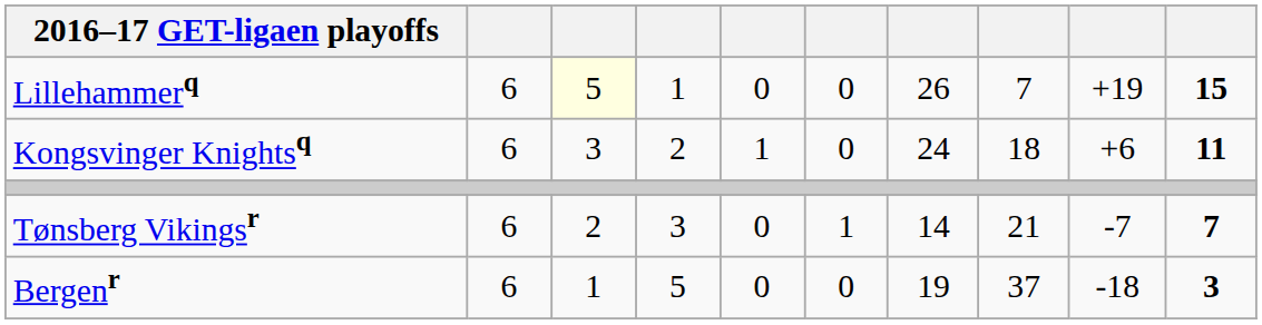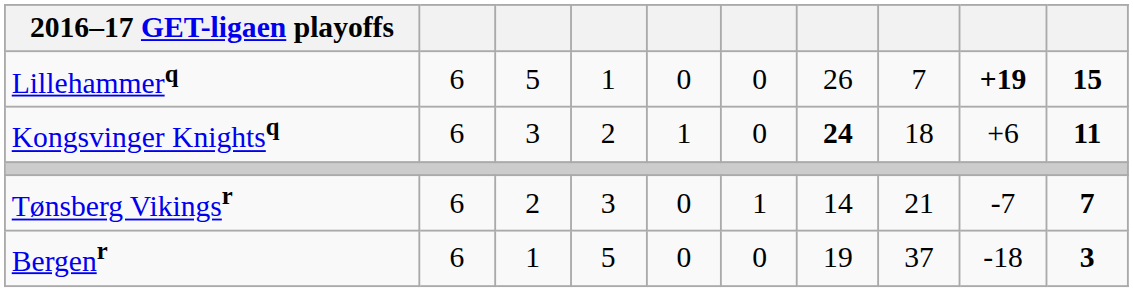 <table class="wikitable">
 <tr>
 <th style="width:18em;">2016–17 <a href='#'>GET-ligaen</a> playoffs</th>
 <th style="width:3em;"></th>
 <th style="width:3em;"></th>
 <th style="width:3em;"></th>
 <th style="width:3em;"></th>
 <th style="width:3em;"></th>
 <th style="width:3em;"></th>
 <th style="width:3em;"></th>
 <th style="width:3em;"></th>
 <th style="width:3em;"></th>
 </tr>
 <tr align=center>
 <td align=left><a href='#'>Lillehammer</a><sup><strong>q</strong></sup></td>
 <td>6</td>
-<td style="background: lightyellow;">5</td>
+<td>5</td>
 <td>1</td>
 <td>0</td>
 <td>0</td>
 <td>26</td>
 <td>7</td>
-<td>+19</td>
+<td><strong>+19</strong></td>
 <td><strong>15</strong></td>
 </tr>
 <tr align=center>
 <td align=left><a href='#'>Kongsvinger Knights</a><sup><strong>q</strong></sup></td>
 <td>6</td>
 <td>3</td>
 <td>2</td>
 <td>1</td>
 <td>0</td>
-<td>24</td>
+<td><strong>24</strong></td>
 <td>18</td>
 <td>+6</td>
 <td><strong>11</strong></td>
 </tr>
 <tr bgcolor="#cccccc" class="unsortable">
 <td colspan=10></td>
 </tr>
 <tr align=center>
 <td align=left><a href='#'>Tønsberg Vikings</a><sup><strong>r</strong></sup></td>
 <td>6</td>
 <td>2</td>
 <td>3</td>
 <td>0</td>
 <td>1</td>
 <td>14</td>
 <td>21</td>
 <td>-7</td>
 <td><strong>7</strong></td>
 </tr>
 <tr align=center>
 <td align=left><a href='#'>Bergen</a><sup><strong>r</strong></sup></td>
 <td>6</td>
 <td>1</td>
 <td>5</td>
 <td>0</td>
 <td>0</td>
 <td>19</td>
 <td>37</td>
 <td>-18</td>
 <td><strong>3</strong></td>
 </tr>
 </table>
